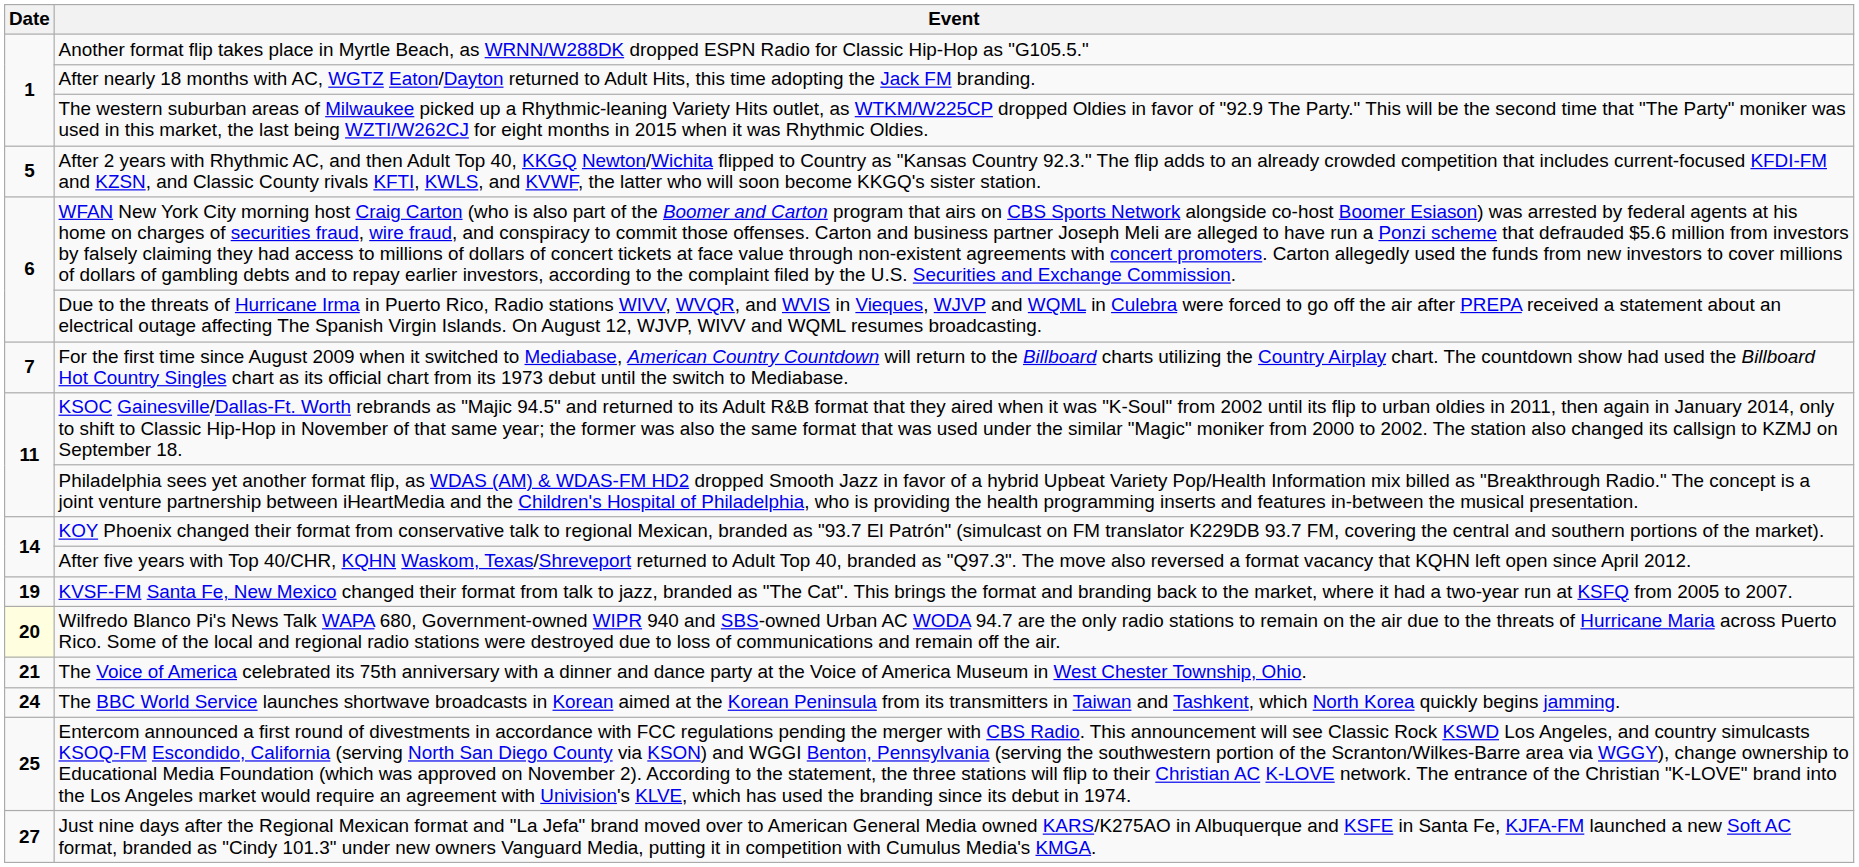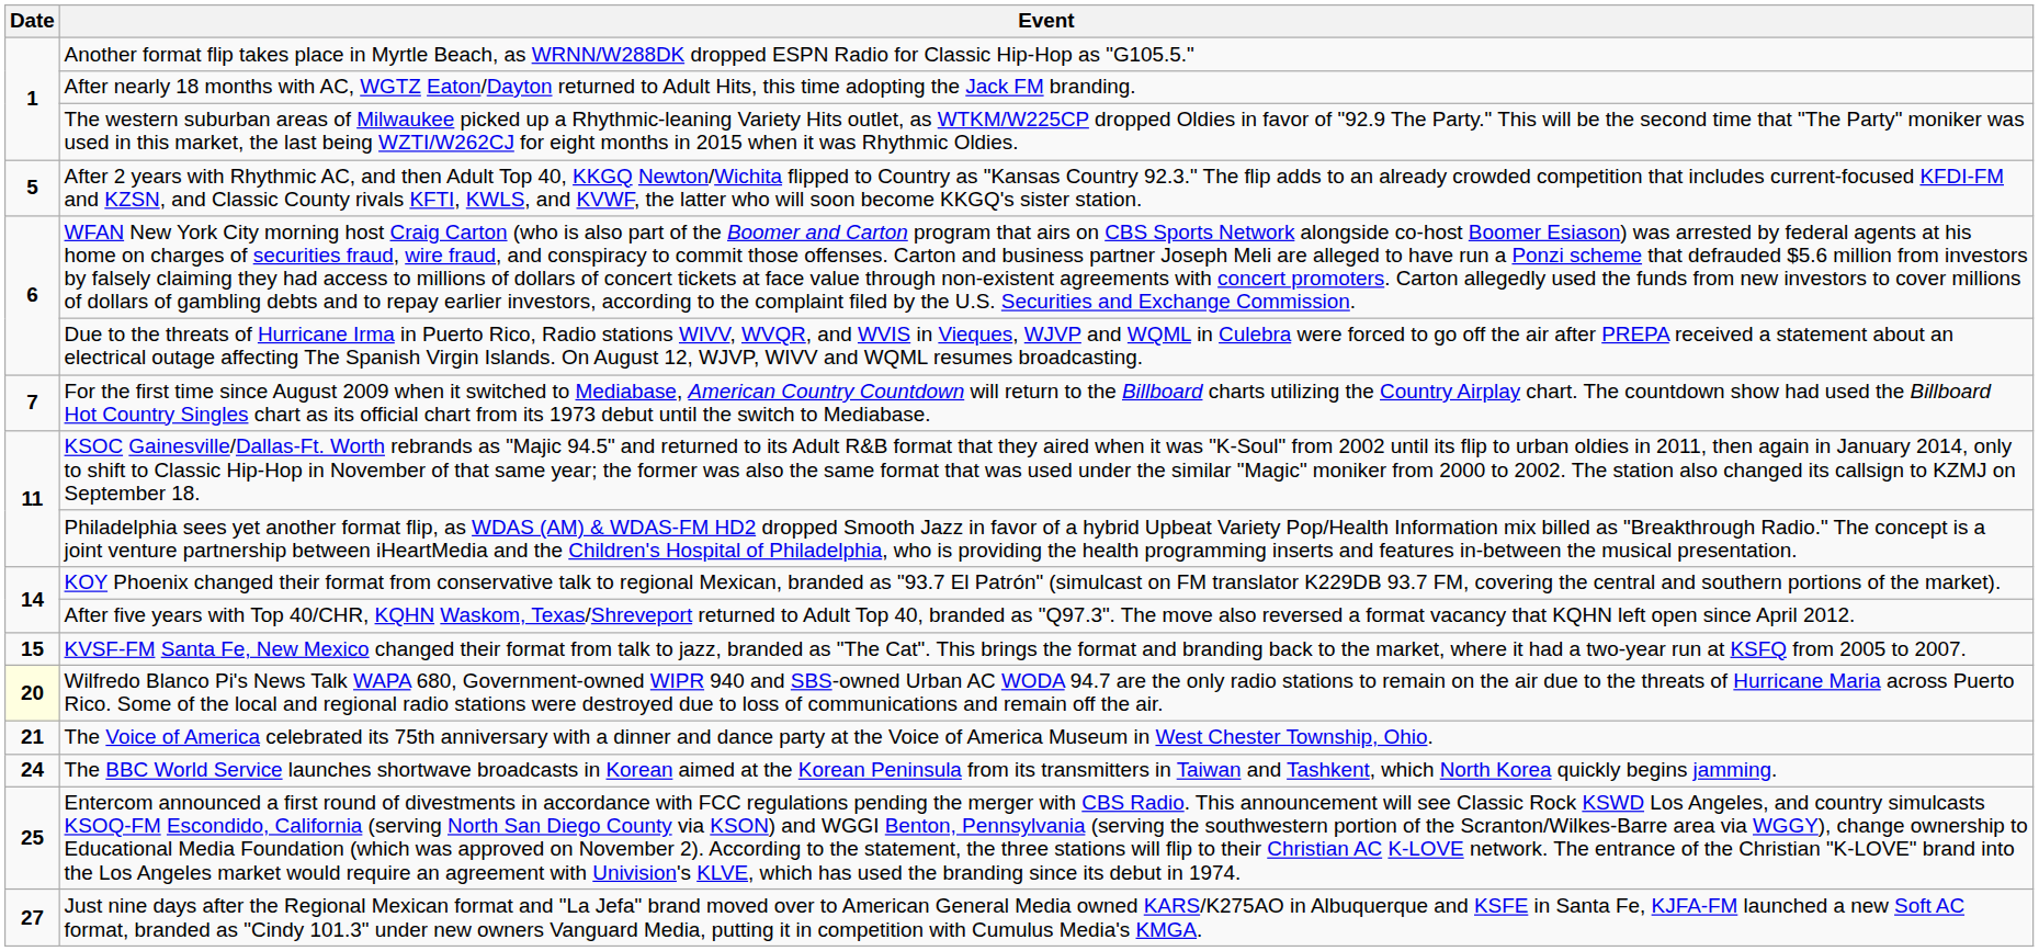 <table class="wikitable">
 <tr>
 <th>Date</th>
 <th>Event</th>
 </tr>
 <tr>
 <td style="text-align:center;" rowspan=3><strong>1</strong></td>
 <td>Another format flip takes place in Myrtle Beach, as <a href='#'>WRNN/W288DK</a> dropped ESPN Radio for Classic Hip-Hop as "G105.5."</td>
 </tr>
 <tr>
 <td>After nearly 18 months with AC, <a href='#'>WGTZ</a> <a href='#'>Eaton</a>/<a href='#'>Dayton</a> returned to Adult Hits, this time adopting the <a href='#'>Jack FM</a> branding.</td>
 </tr>
 <tr>
 <td>The western suburban areas of <a href='#'>Milwaukee</a> picked up a Rhythmic-leaning Variety Hits outlet, as <a href='#'>WTKM/W225CP</a> dropped Oldies in favor of "92.9 The Party." This will be the second time that "The Party" moniker was used in this market, the last being <a href='#'>WZTI/W262CJ</a> for eight months in 2015 when it was Rhythmic Oldies.</td>
 </tr>
 <tr>
 <td style="text-align:center;"><strong>5</strong></td>
 <td>After 2 years with Rhythmic AC, and then Adult Top 40, <a href='#'>KKGQ</a> <a href='#'>Newton</a>/<a href='#'>Wichita</a> flipped to Country as "Kansas Country 92.3." The flip adds to an already crowded competition that includes current-focused <a href='#'>KFDI-FM</a> and <a href='#'>KZSN</a>, and Classic County rivals <a href='#'>KFTI</a>, <a href='#'>KWLS</a>, and <a href='#'>KVWF</a>, the latter who will soon become KKGQ's sister station.</td>
 </tr>
 <tr>
 <td style="text-align:center;" rowspan=2><strong>6</strong></td>
 <td><a href='#'>WFAN</a> New York City morning host <a href='#'>Craig Carton</a> (who is also part of the <em><a href='#'>Boomer and Carton</a></em> program that airs on <a href='#'>CBS Sports Network</a> alongside co-host <a href='#'>Boomer Esiason</a>) was arrested by federal agents at his home on charges of <a href='#'>securities fraud</a>, <a href='#'>wire fraud</a>, and conspiracy to commit those offenses. Carton and business partner Joseph Meli are alleged to have run a <a href='#'>Ponzi scheme</a> that defrauded $5.6 million from investors by falsely claiming they had access to millions of dollars of concert tickets at face value through non-existent agreements with <a href='#'>concert promoters</a>. Carton allegedly used the funds from new investors to cover millions of dollars of gambling debts and to repay earlier investors, according to the complaint filed by the U.S. <a href='#'>Securities and Exchange Commission</a>.</td>
 </tr>
 <tr>
 <td>Due to the threats of <a href='#'>Hurricane Irma</a> in Puerto Rico, Radio stations <a href='#'>WIVV</a>, <a href='#'>WVQR</a>, and <a href='#'>WVIS</a> in <a href='#'>Vieques</a>, <a href='#'>WJVP</a> and <a href='#'>WQML</a> in <a href='#'>Culebra</a> were forced to go off the air after <a href='#'>PREPA</a> received a statement about an electrical outage affecting The Spanish Virgin Islands. On August 12, WJVP, WIVV and WQML resumes broadcasting.</td>
 </tr>
 <tr>
 <td style="text-align:center;"><strong>7</strong></td>
 <td>For the first time since August 2009 when it switched to <a href='#'>Mediabase</a>, <em><a href='#'>American Country Countdown</a></em> will return to the <em><a href='#'>Billboard</a></em> charts utilizing the <a href='#'>Country Airplay</a> chart. The countdown show had used the <em>Billboard</em> <a href='#'>Hot Country Singles</a> chart as its official chart from its 1973 debut until the switch to Mediabase.</td>
 </tr>
 <tr>
 <td style="text-align:center;" rowspan=2><strong>11</strong></td>
 <td><a href='#'>KSOC</a> <a href='#'>Gainesville</a>/<a href='#'>Dallas-Ft. Worth</a> rebrands as "Majic 94.5" and returned to its Adult R&B format that they aired when it was "K-Soul" from 2002 until its flip to urban oldies in 2011, then again in January 2014, only to shift to Classic Hip-Hop in November of that same year; the former was also the same format that was used under the similar "Magic" moniker from 2000 to 2002. The station also changed its callsign to KZMJ on September 18.</td>
 </tr>
 <tr>
 <td>Philadelphia sees yet another format flip, as <a href='#'>WDAS (AM) & WDAS-FM HD2</a> dropped Smooth Jazz in favor of a hybrid Upbeat Variety Pop/Health Information mix billed as "Breakthrough Radio." The concept is a joint venture partnership between iHeartMedia and the <a href='#'>Children's Hospital of Philadelphia</a>, who is providing the health programming inserts and features in-between the musical presentation.</td>
 </tr>
 <tr>
 <td style="text-align:center;" rowspan=2><strong>14</strong></td>
 <td><a href='#'>KOY</a> Phoenix changed their format from conservative talk to regional Mexican, branded as "93.7 El Patrón" (simulcast on FM translator K229DB 93.7 FM, covering the central and southern portions of the market).</td>
 </tr>
 <tr>
 <td>After five years with Top 40/CHR, <a href='#'>KQHN</a> <a href='#'>Waskom, Texas</a>/<a href='#'>Shreveport</a> returned to Adult Top 40, branded as "Q97.3". The move also reversed a format vacancy that KQHN left open since April 2012.</td>
 </tr>
 <tr>
-<td style="text-align:center;"><strong>19</strong></td>
+<td style="text-align:center;"><strong>15</strong></td>
 <td><a href='#'>KVSF-FM</a> <a href='#'>Santa Fe, New Mexico</a> changed their format from talk to jazz, branded as "The Cat". This brings the format and branding back to the market, where it had a two-year run at <a href='#'>KSFQ</a> from 2005 to 2007.</td>
 </tr>
 <tr>
 <td style="background: lightyellow; text-align:center;"><strong>20</strong></td>
 <td>Wilfredo Blanco Pi's News Talk <a href='#'>WAPA</a> 680, Government-owned <a href='#'>WIPR</a> 940 and <a href='#'>SBS</a>-owned Urban AC <a href='#'>WODA</a> 94.7 are the only radio stations to remain on the air due to the threats of <a href='#'>Hurricane Maria</a> across Puerto Rico. Some of the local and regional radio stations were destroyed due to loss of communications and remain off the air.</td>
 </tr>
 <tr>
 <td style="text-align:center;"><strong>21</strong></td>
 <td>The <a href='#'>Voice of America</a> celebrated its 75th anniversary with a dinner and dance party at the Voice of America Museum in <a href='#'>West Chester Township, Ohio</a>.</td>
 </tr>
 <tr>
 <td style="text-align:center;"><strong>24</strong></td>
 <td>The <a href='#'>BBC World Service</a> launches shortwave broadcasts in <a href='#'>Korean</a> aimed at the <a href='#'>Korean Peninsula</a> from its transmitters in <a href='#'>Taiwan</a> and <a href='#'>Tashkent</a>, which <a href='#'>North Korea</a> quickly begins <a href='#'>jamming</a>.</td>
 </tr>
 <tr>
 <td style="text-align:center;"><strong>25</strong></td>
 <td>Entercom announced a first round of divestments in accordance with FCC regulations pending the merger with <a href='#'>CBS Radio</a>. This announcement will see Classic Rock <a href='#'>KSWD</a> Los Angeles, and country simulcasts <a href='#'>KSOQ-FM</a> <a href='#'>Escondido, California</a> (serving <a href='#'>North San Diego County</a> via <a href='#'>KSON</a>) and WGGI <a href='#'>Benton, Pennsylvania</a> (serving the southwestern portion of the Scranton/Wilkes-Barre area via <a href='#'>WGGY</a>), change ownership to Educational Media Foundation (which was approved on November 2). According to the statement, the three stations will flip to their <a href='#'>Christian AC</a> <a href='#'>K-LOVE</a> network. The entrance of the Christian "K-LOVE" brand into the Los Angeles market would require an agreement with <a href='#'>Univision</a>'s <a href='#'>KLVE</a>, which has used the branding since its debut in 1974.</td>
 </tr>
 <tr>
 <td style="text-align:center;"><strong>27</strong></td>
 <td>Just nine days after the Regional Mexican format and "La Jefa" brand moved over to American General Media owned <a href='#'>KARS</a>/K275AO in Albuquerque and <a href='#'>KSFE</a> in Santa Fe, <a href='#'>KJFA-FM</a> launched a new <a href='#'>Soft AC</a> format, branded as "Cindy 101.3" under new owners Vanguard Media, putting it in competition with Cumulus Media's <a href='#'>KMGA</a>.</td>
 </tr>
 </table>
